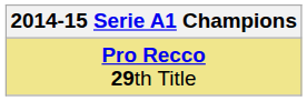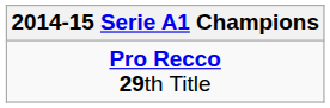 <table class=wikitable style="text-align:center; margin:auto">
 <tr>
 <th>2014-15 <a href='#'>Serie A1</a> Champions</th>
 </tr>
 <tr>
-<td style="background: khaki;"><strong><a href='#'>Pro Recco</a></strong><br><strong>29</strong>th Title</td>
+<td><strong><a href='#'>Pro Recco</a></strong><br><strong>29</strong>th Title</td>
 </tr>
 </table>
